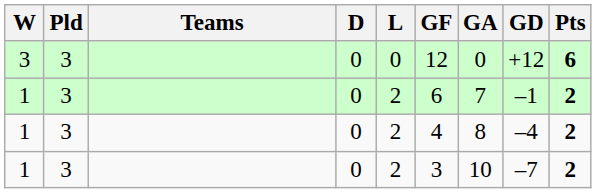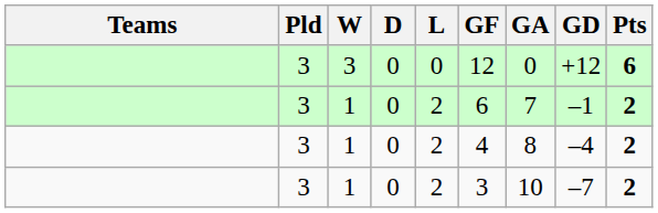 <table class="wikitable" style="text-align: center;">
 <tr>
+<th width=165>Teams</th>
+<th width=20>Pld</th>
 <th width=20>W</th>
-<th width=20>Pld</th>
-<th width=165>Teams</th>
 <th width=20>D</th>
 <th width=20>L</th>
 <th width=20>GF</th>
 <th width=20>GA</th>
 <th width=20>GD</th>
 <th width=20>Pts</th>
 </tr>
 <tr align=center style="background:#ccffcc;">
+<td style="text-align:left;"></td>
 <td>3</td>
 <td>3</td>
-<td style="text-align:left;"></td>
 <td>0</td>
 <td>0</td>
 <td>12</td>
 <td>0</td>
 <td>+12</td>
 <td><strong>6</strong></td>
 </tr>
 <tr align=center style="background:#ccffcc;">
+<td style="text-align:left;"></td>
+<td>3</td>
 <td>1</td>
-<td>3</td>
-<td style="text-align:left;"></td>
 <td>0</td>
 <td>2</td>
 <td>6</td>
 <td>7</td>
 <td>–1</td>
 <td><strong>2</strong></td>
 </tr>
 <tr align=center>
+<td style="text-align:left;"></td>
+<td>3</td>
 <td>1</td>
-<td>3</td>
-<td style="text-align:left;"></td>
 <td>0</td>
 <td>2</td>
 <td>4</td>
 <td>8</td>
 <td>–4</td>
 <td><strong>2</strong></td>
 </tr>
 <tr align=center>
+<td style="text-align:left;"></td>
+<td>3</td>
 <td>1</td>
-<td>3</td>
-<td style="text-align:left;"></td>
 <td>0</td>
 <td>2</td>
 <td>3</td>
 <td>10</td>
 <td>–7</td>
 <td><strong>2</strong></td>
 </tr>
 </table>
